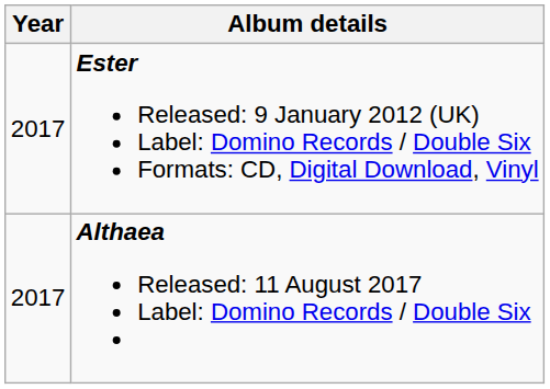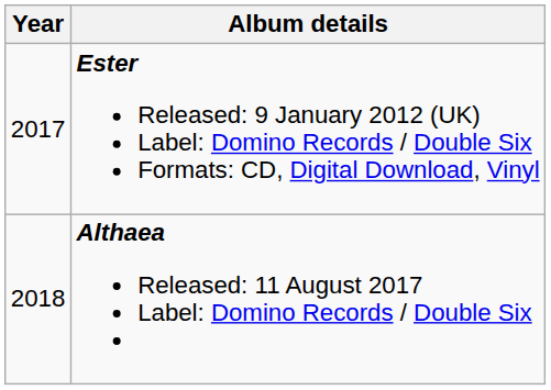 <table class="wikitable" style="text-align:center;">
 <tr>
 <th>Year</th>
 <th>Album details</th>
 </tr>
 <tr>
 <td>2017</td>
 <td style="text-align:left;"><strong><em>Ester</em></strong><br><ul><li>Released: 9 January 2012 (UK)</li><li>Label: <a href='#'>Domino Records</a> / <a href='#'>Double Six</a></li><li>Formats: CD, <a href='#'>Digital Download</a>, <a href='#'>Vinyl</a></li></ul></td>
 </tr>
 <tr>
-<td>2017</td>
+<td>2018</td>
 <td style="text-align:left;"><strong><em>Althaea</em></strong><br><ul><li>Released: 11 August 2017</li><li>Label: <a href='#'>Domino Records</a> / <a href='#'>Double Six</a></li><li></li></ul></td>
 </tr>
 </table>
